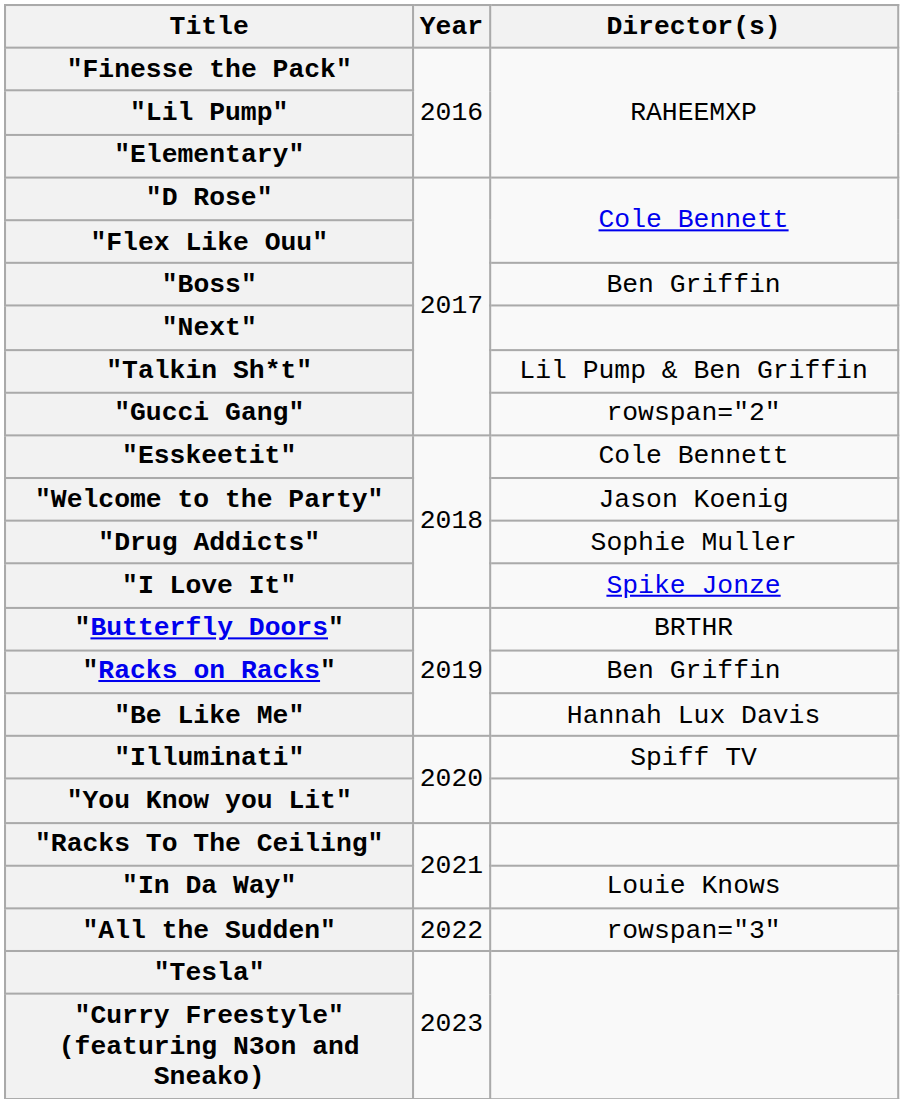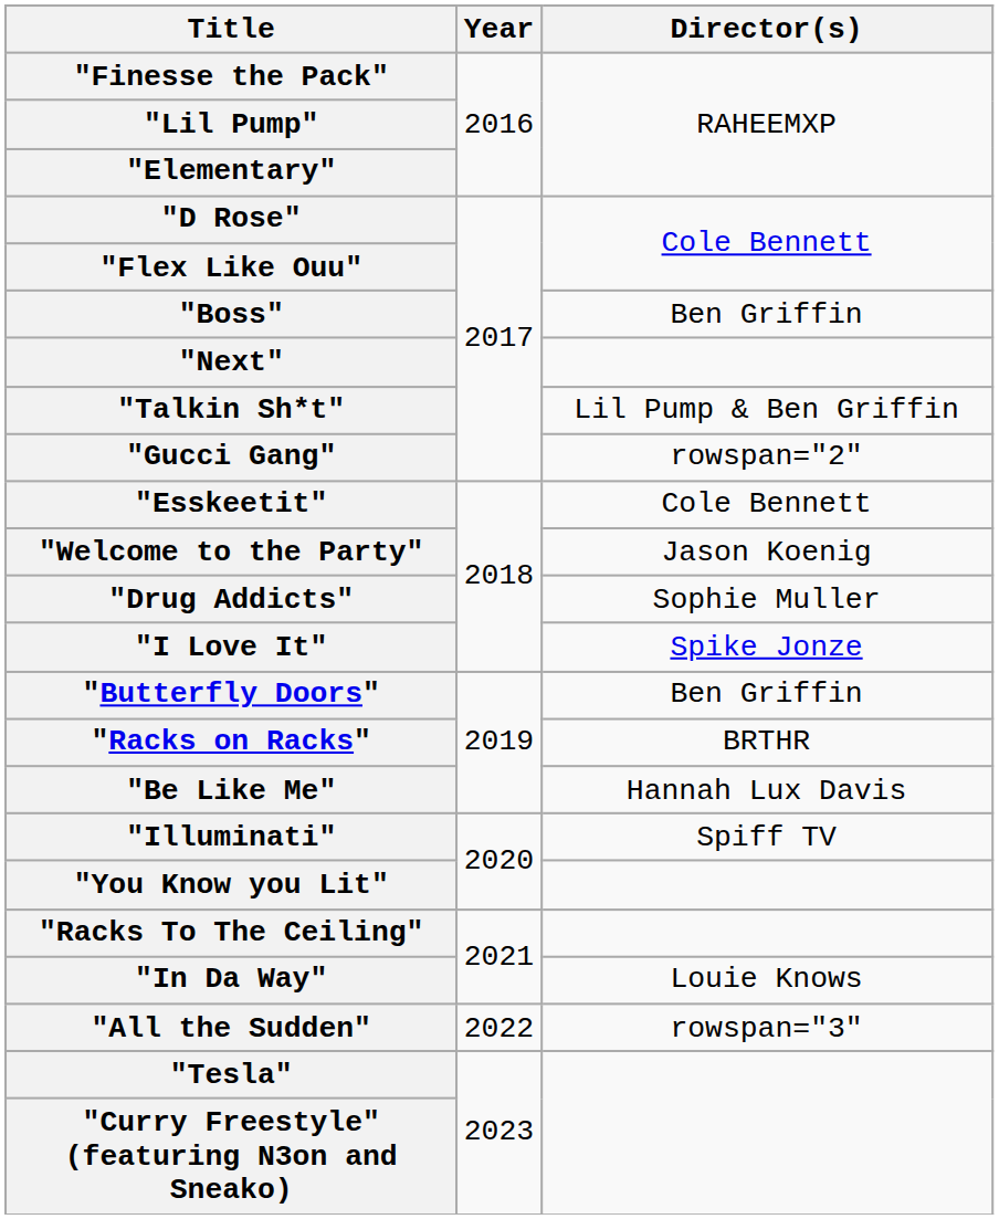 <table class="wikitable plainrowheaders" style="text-align:center;">
 <tr>
 <th scope="col" style="width:15em;">Title</th>
 <th scope="col" style="width:1em;">Year</th>
 <th scope="col" style="width:15em;">Director(s)</th>
 </tr>
 <tr>
 <th scope="row">"Finesse the Pack"<br></th>
 <td rowspan="3">2016</td>
 <td rowspan="3">RAHEEMXP</td>
 </tr>
 <tr>
 <th scope="row">"Lil Pump"</th>
 </tr>
 <tr>
 <th scope="row">"Elementary"</th>
 </tr>
 <tr>
 <th scope="row">"D Rose"</th>
 <td rowspan="6">2017</td>
 <td rowspan="2"><a href='#'>Cole Bennett</a></td>
 </tr>
 <tr>
 <th scope="row">"Flex Like Ouu"</th>
 </tr>
 <tr>
 <th scope="row">"Boss"</th>
 <td>Ben Griffin</td>
 </tr>
 <tr>
 <th scope="row">"Next"<br></th>
 </tr>
 <tr>
 <th scope="row">"Talkin Sh*t"<br></th>
 <td>Lil Pump & Ben Griffin</td>
 </tr>
 <tr>
 <th scope="row">"Gucci Gang"</th>
 <td>rowspan="2" </td>
 </tr>
 <tr>
 <th scope="row">"Esskeetit"</th>
 <td rowspan="4">2018</td>
 <td>Cole Bennett</td>
 </tr>
 <tr>
 <th scope="row">"Welcome to the Party"<br></th>
 <td>Jason Koenig</td>
 </tr>
 <tr>
 <th scope="row">"Drug Addicts"</th>
 <td>Sophie Muller</td>
 </tr>
 <tr>
 <th scope="row">"I Love It"<br></th>
 <td><a href='#'>Spike Jonze</a></td>
 </tr>
 <tr>
 <th scope="row">"<a href='#'>Butterfly Doors</a>"</th>
 <td rowspan="3">2019</td>
-<td>BRTHR</td>
+<td>Ben Griffin</td>
 </tr>
 <tr>
 <th scope="row">"<a href='#'>Racks on Racks</a>"</th>
-<td>Ben Griffin</td>
+<td>BRTHR</td>
 </tr>
 <tr>
 <th scope="row">"Be Like Me"<br></th>
 <td>Hannah Lux Davis</td>
 </tr>
 <tr>
 <th scope="row">"Illuminati"<br></th>
 <td rowspan="2">2020</td>
 <td>Spiff TV</td>
 </tr>
 <tr>
 <th scope="row">"You Know you Lit"<br></th>
 <td></td>
 </tr>
 <tr>
 <th scope="row">"Racks To The Ceiling"<br></th>
 <td rowspan="2">2021</td>
 <td></td>
 </tr>
 <tr>
 <th scope="row">"In Da Way"</th>
 <td>Louie Knows</td>
 </tr>
 <tr>
 <th scope="row">"All the Sudden"</th>
 <td>2022</td>
 <td>rowspan="3" </td>
 </tr>
 <tr>
 <th scope="row">"Tesla"<br></th>
 <td rowspan="2">2023</td>
 </tr>
 <tr>
 <th scope="row">"Curry Freestyle"<br><span>(featuring N3on and Sneako)</span></th>
 </tr>
 <tr>
 </tr>
 </table>
